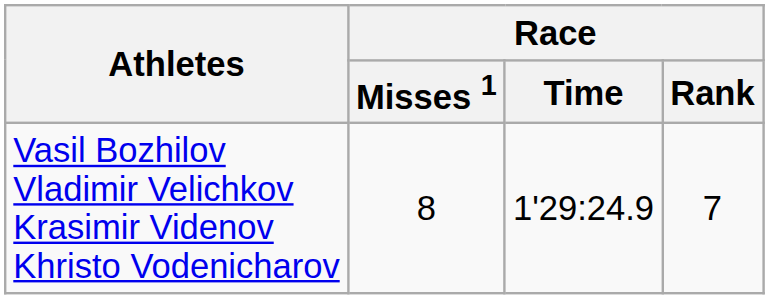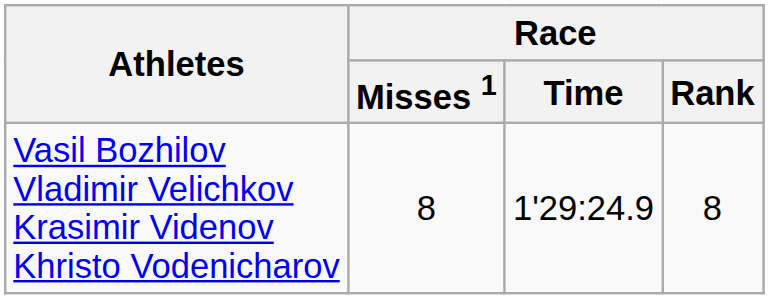 <table class="wikitable" border="1" style="font-size:90%">
 <tr>
 <th rowspan=2>Athletes</th>
 <th colspan=3>Race</th>
 </tr>
 <tr>
 <th>Misses <sup>1</sup></th>
 <th>Time</th>
 <th>Rank</th>
 </tr>
 <tr>
 <td><a href='#'>Vasil Bozhilov</a><br><a href='#'>Vladimir Velichkov</a><br><a href='#'>Krasimir Videnov</a><br><a href='#'>Khristo Vodenicharov</a></td>
 <td align=center>8</td>
 <td align=center>1'29:24.9</td>
-<td align=center>7</td>
+<td align=center>8</td>
 </tr>
 </table>
